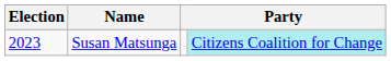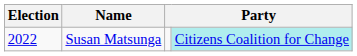 <table class="wikitable">
 <tr>
 <th>Election</th>
 <th>Name</th>
 <th colspan="2">Party</th>
 </tr>
 <tr>
-<td><a href='#'>2023</a></td>
+<td><a href='#'>2022</a></td>
 <td><a href='#'>Susan Matsunga</a></td>
 <td style="background-color: "></td>
 <td style="background: paleturquoise;"><a href='#'>Citizens Coalition for Change</a></td>
 </tr>
 </table>
